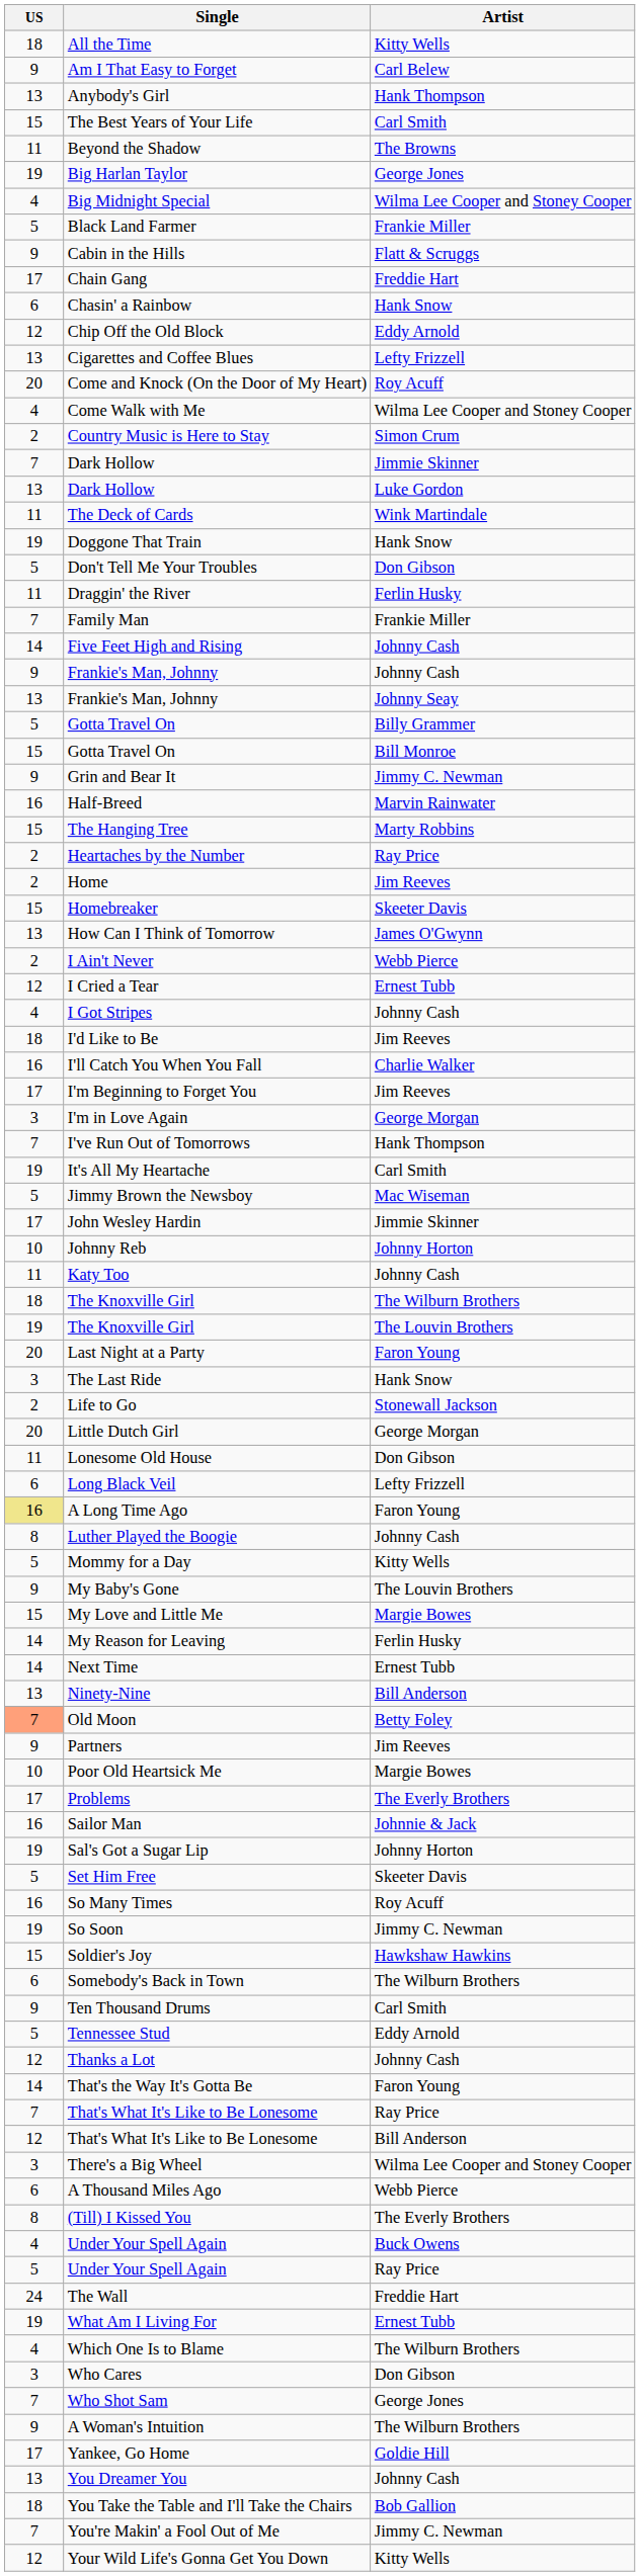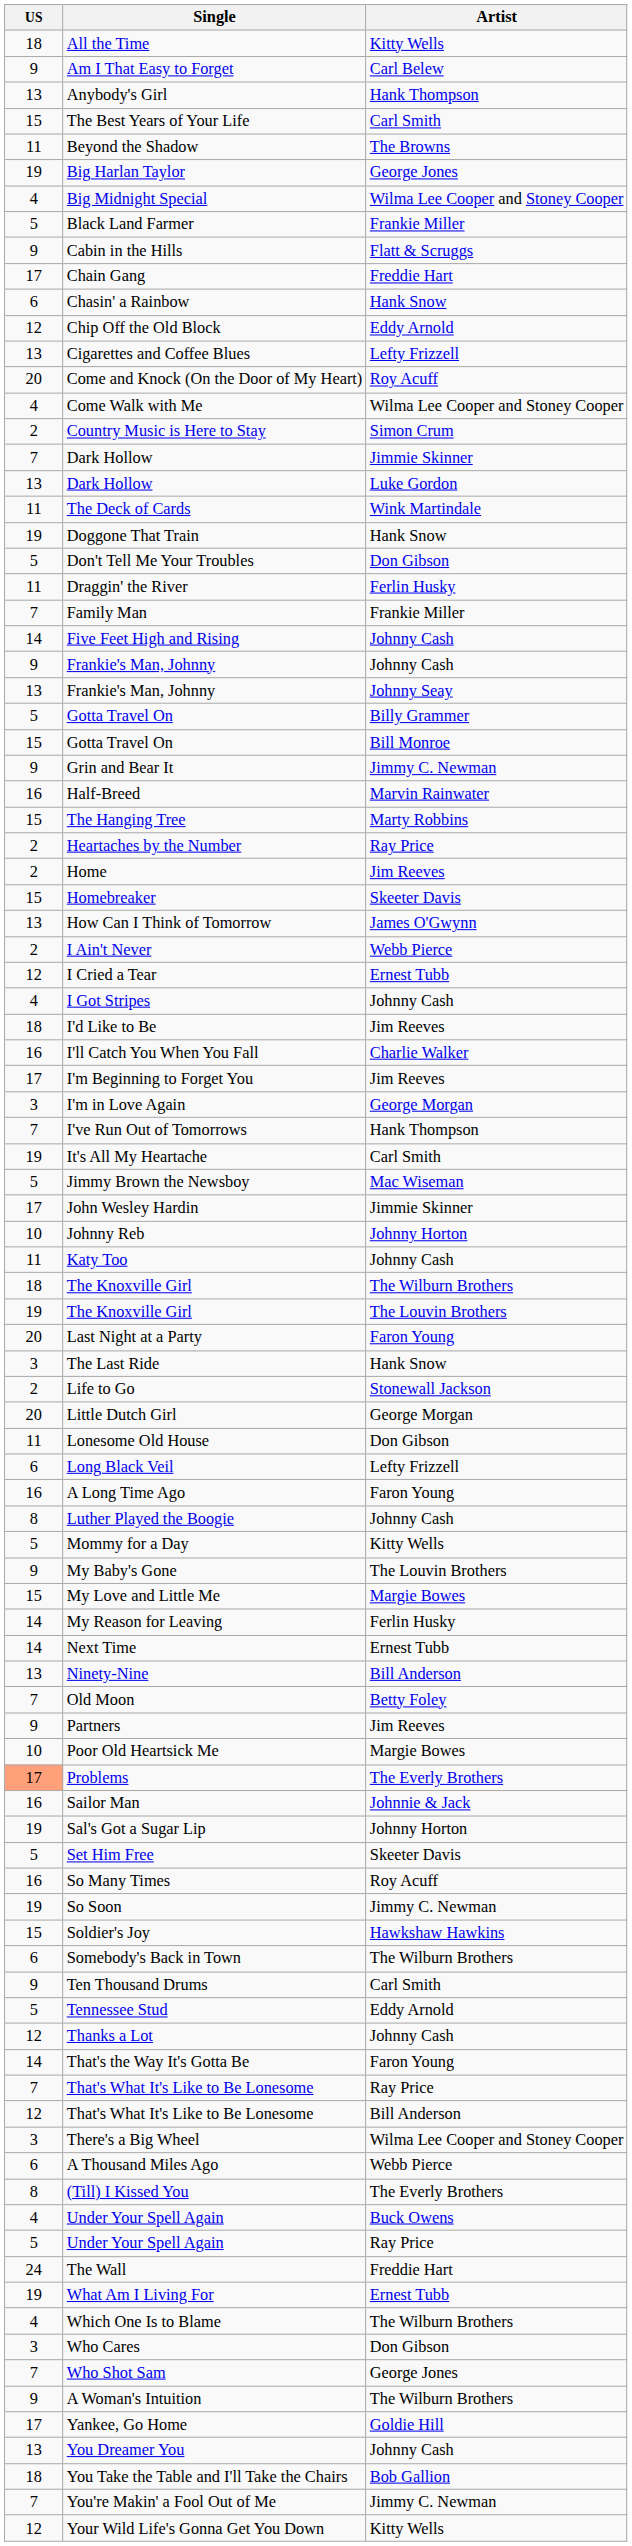 <table class="wikitable sortable">
 <tr>
 <th width="50"><small>US</small></th>
 <th>Single</th>
 <th>Artist</th>
 </tr>
 <tr>
 <td align="center">18</td>
 <td><a href='#'>All the Time</a></td>
 <td><a href='#'>Kitty Wells</a></td>
 </tr>
 <tr>
 <td align="center">9</td>
 <td><a href='#'>Am I That Easy to Forget</a></td>
 <td><a href='#'>Carl Belew</a></td>
 </tr>
 <tr>
 <td align="center">13</td>
 <td>Anybody's Girl</td>
 <td><a href='#'>Hank Thompson</a></td>
 </tr>
 <tr>
 <td align="center">15</td>
 <td>The Best Years of Your Life</td>
 <td><a href='#'>Carl Smith</a></td>
 </tr>
 <tr>
 <td align="center">11</td>
 <td>Beyond the Shadow</td>
 <td><a href='#'>The Browns</a></td>
 </tr>
 <tr>
 <td align="center">19</td>
 <td><a href='#'>Big Harlan Taylor</a></td>
 <td><a href='#'>George Jones</a></td>
 </tr>
 <tr>
 <td align="center">4</td>
 <td><a href='#'>Big Midnight Special</a></td>
 <td><a href='#'>Wilma Lee Cooper</a> and <a href='#'>Stoney Cooper</a></td>
 </tr>
 <tr>
 <td align="center">5</td>
 <td>Black Land Farmer</td>
 <td><a href='#'>Frankie Miller</a></td>
 </tr>
 <tr>
 <td align="center">9</td>
 <td>Cabin in the Hills</td>
 <td><a href='#'>Flatt & Scruggs</a></td>
 </tr>
 <tr>
 <td align="center">17</td>
 <td>Chain Gang</td>
 <td><a href='#'>Freddie Hart</a></td>
 </tr>
 <tr>
 <td align="center">6</td>
 <td>Chasin' a Rainbow</td>
 <td><a href='#'>Hank Snow</a></td>
 </tr>
 <tr>
 <td align="center">12</td>
 <td>Chip Off the Old Block</td>
 <td><a href='#'>Eddy Arnold</a></td>
 </tr>
 <tr>
 <td align="center">13</td>
 <td>Cigarettes and Coffee Blues</td>
 <td><a href='#'>Lefty Frizzell</a></td>
 </tr>
 <tr>
 <td align="center">20</td>
 <td>Come and Knock (On the Door of My Heart)</td>
 <td><a href='#'>Roy Acuff</a></td>
 </tr>
 <tr>
 <td align="center">4</td>
 <td>Come Walk with Me</td>
 <td>Wilma Lee Cooper and Stoney Cooper</td>
 </tr>
 <tr>
 <td align="center">2</td>
 <td><a href='#'>Country Music is Here to Stay</a></td>
 <td><a href='#'>Simon Crum</a></td>
 </tr>
 <tr>
 <td align="center">7</td>
 <td>Dark Hollow</td>
 <td><a href='#'>Jimmie Skinner</a></td>
 </tr>
 <tr>
 <td align="center">13</td>
 <td><a href='#'>Dark Hollow</a></td>
 <td><a href='#'>Luke Gordon</a></td>
 </tr>
 <tr>
 <td align="center">11</td>
 <td><a href='#'>The Deck of Cards</a></td>
 <td><a href='#'>Wink Martindale</a></td>
 </tr>
 <tr>
 <td align="center">19</td>
 <td>Doggone That Train</td>
 <td>Hank Snow</td>
 </tr>
 <tr>
 <td align="center">5</td>
 <td>Don't Tell Me Your Troubles</td>
 <td><a href='#'>Don Gibson</a></td>
 </tr>
 <tr>
 <td align="center">11</td>
 <td>Draggin' the River</td>
 <td><a href='#'>Ferlin Husky</a></td>
 </tr>
 <tr>
 <td align="center">7</td>
 <td>Family Man</td>
 <td>Frankie Miller</td>
 </tr>
 <tr>
 <td align="center">14</td>
 <td><a href='#'>Five Feet High and Rising</a></td>
 <td><a href='#'>Johnny Cash</a></td>
 </tr>
 <tr>
 <td align="center">9</td>
 <td><a href='#'>Frankie's Man, Johnny</a></td>
 <td>Johnny Cash</td>
 </tr>
 <tr>
 <td align="center">13</td>
 <td>Frankie's Man, Johnny</td>
 <td><a href='#'>Johnny Seay</a></td>
 </tr>
 <tr>
 <td align="center">5</td>
 <td><a href='#'>Gotta Travel On</a></td>
 <td><a href='#'>Billy Grammer</a></td>
 </tr>
 <tr>
 <td align="center">15</td>
 <td>Gotta Travel On</td>
 <td><a href='#'>Bill Monroe</a></td>
 </tr>
 <tr>
 <td align="center">9</td>
 <td>Grin and Bear It</td>
 <td><a href='#'>Jimmy C. Newman</a></td>
 </tr>
 <tr>
 <td align="center">16</td>
 <td>Half-Breed</td>
 <td><a href='#'>Marvin Rainwater</a></td>
 </tr>
 <tr>
 <td align="center">15</td>
 <td><a href='#'>The Hanging Tree</a></td>
 <td><a href='#'>Marty Robbins</a></td>
 </tr>
 <tr>
 <td align="center">2</td>
 <td><a href='#'>Heartaches by the Number</a></td>
 <td><a href='#'>Ray Price</a></td>
 </tr>
 <tr>
 <td align="center">2</td>
 <td>Home</td>
 <td><a href='#'>Jim Reeves</a></td>
 </tr>
 <tr>
 <td align="center">15</td>
 <td><a href='#'>Homebreaker</a></td>
 <td><a href='#'>Skeeter Davis</a></td>
 </tr>
 <tr>
 <td align="center">13</td>
 <td>How Can I Think of Tomorrow</td>
 <td><a href='#'>James O'Gwynn</a></td>
 </tr>
 <tr>
 <td align="center">2</td>
 <td><a href='#'>I Ain't Never</a></td>
 <td><a href='#'>Webb Pierce</a></td>
 </tr>
 <tr>
 <td align="center">12</td>
 <td>I Cried a Tear</td>
 <td><a href='#'>Ernest Tubb</a></td>
 </tr>
 <tr>
 <td align="center">4</td>
 <td><a href='#'>I Got Stripes</a></td>
 <td>Johnny Cash</td>
 </tr>
 <tr>
 <td align="center">18</td>
 <td>I'd Like to Be</td>
 <td>Jim Reeves</td>
 </tr>
 <tr>
 <td align="center">16</td>
 <td>I'll Catch You When You Fall</td>
 <td><a href='#'>Charlie Walker</a></td>
 </tr>
 <tr>
 <td align="center">17</td>
 <td>I'm Beginning to Forget You</td>
 <td>Jim Reeves</td>
 </tr>
 <tr>
 <td align="center">3</td>
 <td>I'm in Love Again</td>
 <td><a href='#'>George Morgan</a></td>
 </tr>
 <tr>
 <td align="center">7</td>
 <td>I've Run Out of Tomorrows</td>
 <td>Hank Thompson</td>
 </tr>
 <tr>
 <td align="center">19</td>
 <td>It's All My Heartache</td>
 <td>Carl Smith</td>
 </tr>
 <tr>
 <td align="center">5</td>
 <td>Jimmy Brown the Newsboy</td>
 <td><a href='#'>Mac Wiseman</a></td>
 </tr>
 <tr>
 <td align="center">17</td>
 <td>John Wesley Hardin</td>
 <td>Jimmie Skinner</td>
 </tr>
 <tr>
 <td align="center">10</td>
 <td>Johnny Reb</td>
 <td><a href='#'>Johnny Horton</a></td>
 </tr>
 <tr>
 <td align="center">11</td>
 <td><a href='#'>Katy Too</a></td>
 <td>Johnny Cash</td>
 </tr>
 <tr>
 <td align="center">18</td>
 <td><a href='#'>The Knoxville Girl</a></td>
 <td><a href='#'>The Wilburn Brothers</a></td>
 </tr>
 <tr>
 <td align="center">19</td>
 <td><a href='#'>The Knoxville Girl</a></td>
 <td><a href='#'>The Louvin Brothers</a></td>
 </tr>
 <tr>
 <td align="center">20</td>
 <td>Last Night at a Party</td>
 <td><a href='#'>Faron Young</a></td>
 </tr>
 <tr>
 <td align="center">3</td>
 <td>The Last Ride</td>
 <td>Hank Snow</td>
 </tr>
 <tr>
 <td align="center">2</td>
 <td>Life to Go</td>
 <td><a href='#'>Stonewall Jackson</a></td>
 </tr>
 <tr>
 <td align="center">20</td>
 <td>Little Dutch Girl</td>
 <td>George Morgan</td>
 </tr>
 <tr>
 <td align="center">11</td>
 <td>Lonesome Old House</td>
 <td>Don Gibson</td>
 </tr>
 <tr>
 <td align="center">6</td>
 <td><a href='#'>Long Black Veil</a></td>
 <td>Lefty Frizzell</td>
 </tr>
 <tr>
-<td align="center" style="background: khaki;">16</td>
+<td align="center">16</td>
 <td>A Long Time Ago</td>
 <td>Faron Young</td>
 </tr>
 <tr>
 <td align="center">8</td>
 <td><a href='#'>Luther Played the Boogie</a></td>
 <td>Johnny Cash</td>
 </tr>
 <tr>
 <td align="center">5</td>
 <td>Mommy for a Day</td>
 <td>Kitty Wells</td>
 </tr>
 <tr>
 <td align="center">9</td>
 <td>My Baby's Gone</td>
 <td>The Louvin Brothers</td>
 </tr>
 <tr>
 <td align="center">15</td>
 <td>My Love and Little Me</td>
 <td><a href='#'>Margie Bowes</a></td>
 </tr>
 <tr>
 <td align="center">14</td>
 <td>My Reason for Leaving</td>
 <td>Ferlin Husky</td>
 </tr>
 <tr>
 <td align="center">14</td>
 <td>Next Time</td>
 <td>Ernest Tubb</td>
 </tr>
 <tr>
 <td align="center">13</td>
 <td><a href='#'>Ninety-Nine</a></td>
 <td><a href='#'>Bill Anderson</a></td>
 </tr>
 <tr>
-<td align="center" style="background: lightsalmon;">7</td>
+<td align="center">7</td>
 <td>Old Moon</td>
 <td><a href='#'>Betty Foley</a></td>
 </tr>
 <tr>
 <td align="center">9</td>
 <td>Partners</td>
 <td>Jim Reeves</td>
 </tr>
 <tr>
 <td align="center">10</td>
 <td>Poor Old Heartsick Me</td>
 <td>Margie Bowes</td>
 </tr>
 <tr>
-<td align="center">17</td>
+<td align="center" style="background: lightsalmon;">17</td>
 <td><a href='#'>Problems</a></td>
 <td><a href='#'>The Everly Brothers</a></td>
 </tr>
 <tr>
 <td align="center">16</td>
 <td>Sailor Man</td>
 <td><a href='#'>Johnnie & Jack</a></td>
 </tr>
 <tr>
 <td align="center">19</td>
 <td>Sal's Got a Sugar Lip</td>
 <td>Johnny Horton</td>
 </tr>
 <tr>
 <td align="center">5</td>
 <td><a href='#'>Set Him Free</a></td>
 <td>Skeeter Davis</td>
 </tr>
 <tr>
 <td align="center">16</td>
 <td>So Many Times</td>
 <td>Roy Acuff</td>
 </tr>
 <tr>
 <td align="center">19</td>
 <td>So Soon</td>
 <td>Jimmy C. Newman</td>
 </tr>
 <tr>
 <td align="center">15</td>
 <td>Soldier's Joy</td>
 <td><a href='#'>Hawkshaw Hawkins</a></td>
 </tr>
 <tr>
 <td align="center">6</td>
 <td>Somebody's Back in Town</td>
 <td>The Wilburn Brothers</td>
 </tr>
 <tr>
 <td align="center">9</td>
 <td>Ten Thousand Drums</td>
 <td>Carl Smith</td>
 </tr>
 <tr>
 <td align="center">5</td>
 <td><a href='#'>Tennessee Stud</a></td>
 <td>Eddy Arnold</td>
 </tr>
 <tr>
 <td align="center">12</td>
 <td><a href='#'>Thanks a Lot</a></td>
 <td>Johnny Cash</td>
 </tr>
 <tr>
 <td align="center">14</td>
 <td>That's the Way It's Gotta Be</td>
 <td>Faron Young</td>
 </tr>
 <tr>
 <td align="center">7</td>
 <td><a href='#'>That's What It's Like to Be Lonesome</a></td>
 <td>Ray Price</td>
 </tr>
 <tr>
 <td align="center">12</td>
 <td>That's What It's Like to Be Lonesome</td>
 <td>Bill Anderson</td>
 </tr>
 <tr>
 <td align="center">3</td>
 <td>There's a Big Wheel</td>
 <td>Wilma Lee Cooper and Stoney Cooper</td>
 </tr>
 <tr>
 <td align="center">6</td>
 <td>A Thousand Miles Ago</td>
 <td>Webb Pierce</td>
 </tr>
 <tr>
 <td align="center">8</td>
 <td><a href='#'>(Till) I Kissed You</a></td>
 <td>The Everly Brothers</td>
 </tr>
 <tr>
 <td align="center">4</td>
 <td><a href='#'>Under Your Spell Again</a></td>
 <td><a href='#'>Buck Owens</a></td>
 </tr>
 <tr>
 <td align="center">5</td>
 <td><a href='#'>Under Your Spell Again</a></td>
 <td>Ray Price</td>
 </tr>
 <tr>
 <td align="center">24</td>
 <td>The Wall</td>
 <td>Freddie Hart</td>
 </tr>
 <tr>
 <td align="center">19</td>
 <td><a href='#'>What Am I Living For</a></td>
 <td><a href='#'>Ernest Tubb</a></td>
 </tr>
 <tr>
 <td align="center">4</td>
 <td>Which One Is to Blame</td>
 <td>The Wilburn Brothers</td>
 </tr>
 <tr>
 <td align="center">3</td>
 <td>Who Cares</td>
 <td>Don Gibson</td>
 </tr>
 <tr>
 <td align="center">7</td>
 <td><a href='#'>Who Shot Sam</a></td>
 <td>George Jones</td>
 </tr>
 <tr>
 <td align="center">9</td>
 <td>A Woman's Intuition</td>
 <td>The Wilburn Brothers</td>
 </tr>
 <tr>
 <td align="center">17</td>
 <td>Yankee, Go Home</td>
 <td><a href='#'>Goldie Hill</a></td>
 </tr>
 <tr>
 <td align="center">13</td>
 <td><a href='#'>You Dreamer You</a></td>
 <td>Johnny Cash</td>
 </tr>
 <tr>
 <td align="center">18</td>
 <td>You Take the Table and I'll Take the Chairs</td>
 <td><a href='#'>Bob Gallion</a></td>
 </tr>
 <tr>
 <td align="center">7</td>
 <td>You're Makin' a Fool Out of Me</td>
 <td>Jimmy C. Newman</td>
 </tr>
 <tr>
 <td align="center">12</td>
 <td>Your Wild Life's Gonna Get You Down</td>
 <td>Kitty Wells</td>
 </tr>
 </table>
